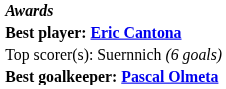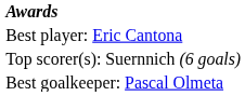 <table width=100% cellspacing=1 style="font-size: 90%;">
 <tr>
 <td><strong><em>Awards</em></strong></td>
 </tr>
 <tr>
-<td><strong>Best player:  <a href='#'>Eric Cantona</a></strong></td>
+<td>Best player:  <a href='#'>Eric Cantona</a></td>
 </tr>
 <tr>
 <td colspan=4>Top scorer(s):  Suernnich <em>(6 goals)</em></td>
 </tr>
 <tr>
-<td><strong>Best goalkeeper:  <a href='#'>Pascal Olmeta</a></strong></td>
+<td>Best goalkeeper:  <a href='#'>Pascal Olmeta</a></td>
 </tr>
 </table>
